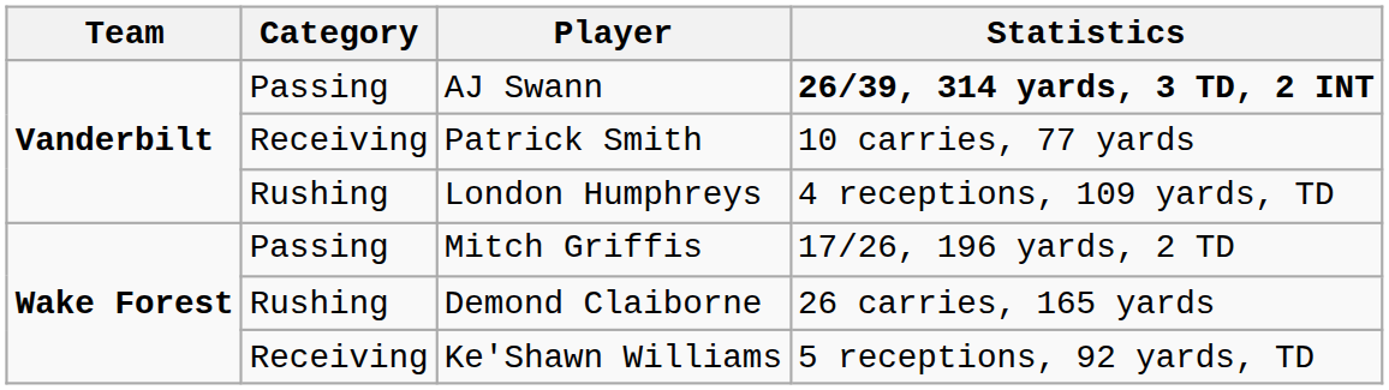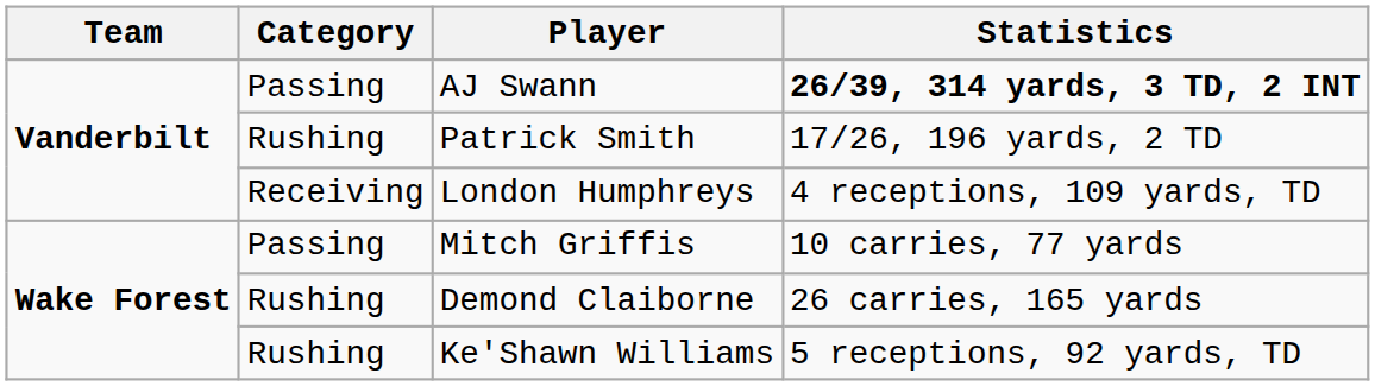 <table class="wikitable" style="float: right;">
 <tr>
 <th>Team</th>
 <th>Category</th>
 <th>Player</th>
 <th>Statistics</th>
 </tr>
 <tr>
 <td rowspan=3><strong>Vanderbilt</strong></td>
 <td>Passing</td>
 <td>AJ Swann</td>
 <td><strong>26/39, 314 yards, 3 TD, 2 INT</strong></td>
 </tr>
 <tr>
-<td>Receiving</td>
+<td>Rushing</td>
 <td>Patrick Smith</td>
-<td>10 carries, 77 yards</td>
+<td>17/26, 196 yards, 2 TD</td>
 </tr>
 <tr>
-<td>Rushing</td>
+<td>Receiving</td>
 <td>London Humphreys</td>
 <td>4 receptions, 109 yards, TD</td>
 </tr>
 <tr>
 <td rowspan=3><strong>Wake Forest</strong></td>
 <td>Passing</td>
 <td>Mitch Griffis</td>
-<td>17/26, 196 yards, 2 TD</td>
+<td>10 carries, 77 yards</td>
 </tr>
 <tr>
 <td>Rushing</td>
 <td>Demond Claiborne</td>
 <td>26 carries, 165 yards</td>
 </tr>
 <tr>
-<td>Receiving</td>
+<td>Rushing</td>
 <td>Ke'Shawn Williams</td>
 <td>5 receptions, 92 yards, TD</td>
 </tr>
 </table>
